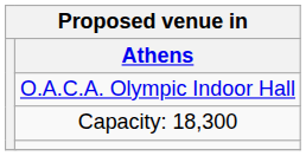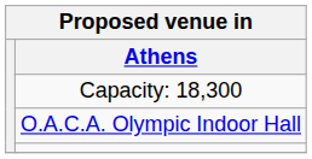 <table class="wikitable" style="text-align:center">
 <tr>
 <th colspan="3">Proposed venue in </th>
 </tr>
 <tr>
 <th rowspan="4" colspan="2"></th>
 <th><a href='#'>Athens</a></th>
 </tr>
 <tr>
-<td><a href='#'>O.A.C.A. Olympic Indoor Hall</a></td>
+<td>Capacity: 18,300</td>
 </tr>
 <tr>
-<td>Capacity: 18,300</td>
+<td><a href='#'>O.A.C.A. Olympic Indoor Hall</a></td>
 </tr>
 <tr>
 <td></td>
 </tr>
 <tr>
 </tr>
 </table>
